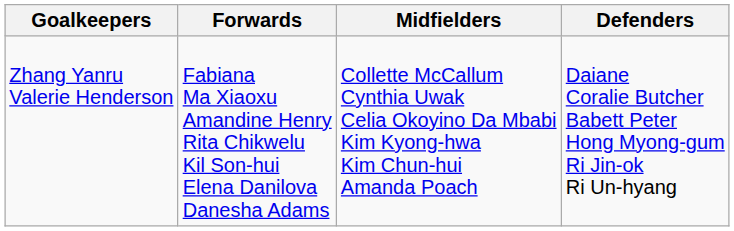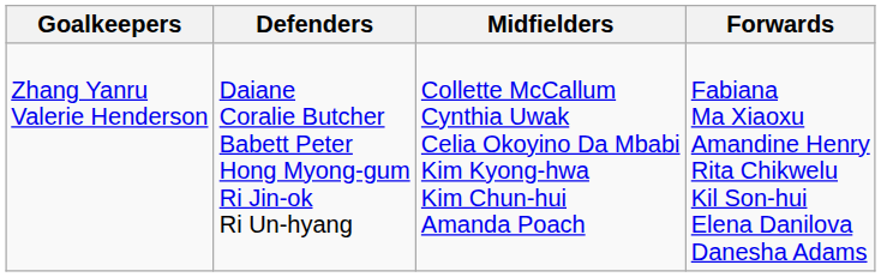 <table class="wikitable" style="margin:0 auto;">
 <tr>
 <th>Goalkeepers</th>
+<th>Defenders</th>
+<th>Midfielders</th>
 <th>Forwards</th>
-<th>Midfielders</th>
-<th>Defenders</th>
 </tr>
 <tr>
 <td valign=top><br> <a href='#'>Zhang Yanru</a> <br>  <a href='#'>Valerie Henderson</a></td>
+<td valign=top><br> <a href='#'>Daiane</a> <br>  <a href='#'>Coralie Butcher</a> <br>  <a href='#'>Babett Peter</a> <br>  <a href='#'>Hong Myong-gum</a> <br>  <a href='#'>Ri Jin-ok</a> <br>  Ri Un-hyang</td>
+<td valign=top><br> <a href='#'>Collette McCallum</a> <br>  <a href='#'>Cynthia Uwak</a> <br>  <a href='#'>Celia Okoyino Da Mbabi</a> <br>  <a href='#'>Kim Kyong-hwa</a> <br>  <a href='#'>Kim Chun-hui</a> <br>  <a href='#'>Amanda Poach</a></td>
 <td valign=top><br> <a href='#'>Fabiana</a> <br>  <a href='#'>Ma Xiaoxu</a> <br>  <a href='#'>Amandine Henry</a> <br>  <a href='#'>Rita Chikwelu</a> <br>  <a href='#'>Kil Son-hui</a> <br>  <a href='#'>Elena Danilova</a> <br>  <a href='#'>Danesha Adams</a></td>
-<td valign=top><br> <a href='#'>Collette McCallum</a> <br>  <a href='#'>Cynthia Uwak</a> <br>  <a href='#'>Celia Okoyino Da Mbabi</a> <br>  <a href='#'>Kim Kyong-hwa</a> <br>  <a href='#'>Kim Chun-hui</a> <br>  <a href='#'>Amanda Poach</a></td>
-<td valign=top><br> <a href='#'>Daiane</a> <br>  <a href='#'>Coralie Butcher</a> <br>  <a href='#'>Babett Peter</a> <br>  <a href='#'>Hong Myong-gum</a> <br>  <a href='#'>Ri Jin-ok</a> <br>  Ri Un-hyang</td>
 </tr>
 </table>
